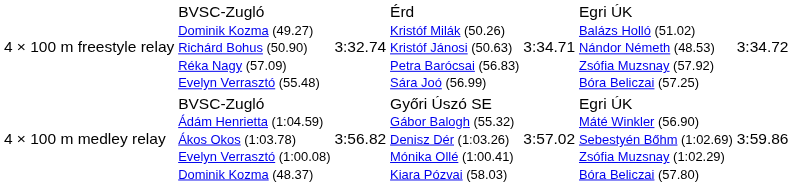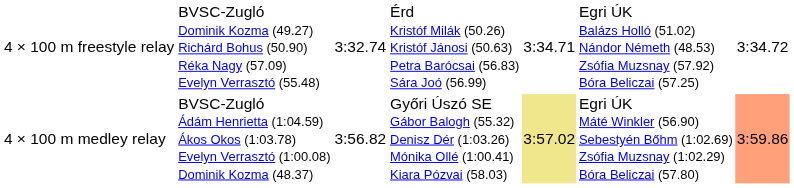 <table>
 <tr>
 <td>4 × 100 m freestyle relay</td>
 <td> BVSC-Zugló<br><small><a href='#'>Dominik Kozma</a> (49.27)<br> <a href='#'>Richárd Bohus</a> (50.90)<br> <a href='#'>Réka Nagy</a> (57.09)<br> <a href='#'>Evelyn Verrasztó</a> (55.48)</small></td>
 <td>3:32.74</td>
 <td> Érd<br><small><a href='#'>Kristóf Milák</a> (50.26)<br> <a href='#'>Kristóf Jánosi</a> (50.63)<br> <a href='#'>Petra Barócsai</a> (56.83)<br> <a href='#'>Sára Joó</a> (56.99)</small></td>
 <td>3:34.71</td>
 <td> Egri ÚK<br><small><a href='#'>Balázs Holló</a> (51.02)<br> <a href='#'>Nándor Németh</a> (48.53)<br> <a href='#'>Zsófia Muzsnay</a> (57.92)<br><a href='#'>Bóra Beliczai</a> (57.25)</small></td>
 <td>3:34.72</td>
 </tr>
 <tr>
 <td>4 × 100 m medley relay</td>
 <td> BVSC-Zugló<br><small><a href='#'>Ádám Henrietta</a> (1:04.59)<br> <a href='#'>Ákos Okos</a> (1:03.78)<br> <a href='#'>Evelyn Verrasztó</a> (1:00.08)<br> <a href='#'>Dominik Kozma</a> (48.37)</small></td>
 <td>3:56.82</td>
 <td> Győri Úszó SE<br><small><a href='#'>Gábor Balogh</a> (55.32)<br> <a href='#'>Denisz Dér</a> (1:03.26)<br> <a href='#'>Mónika Ollé</a> (1:00.41)<br> <a href='#'>Kiara Pózvai</a> (58.03)</small></td>
-<td>3:57.02</td>
+<td style="background: khaki;">3:57.02</td>
 <td> Egri ÚK<br><small><a href='#'>Máté Winkler</a> (56.90)<br> <a href='#'>Sebestyén Bőhm</a> (1:02.69)<br> <a href='#'>Zsófia Muzsnay</a> (1:02.29)<br> <a href='#'>Bóra Beliczai</a> (57.80)</small></td>
-<td>3:59.86</td>
+<td style="background: lightsalmon;">3:59.86</td>
 </tr>
 </table>
